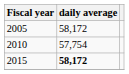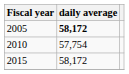 <table class="wikitable">
 <tr>
 <th>Fiscal year</th>
 <th>daily average</th>
 <th></th>
 </tr>
 <tr>
 <td>2005</td>
-<td>58,172</td>
+<td><strong>58,172</strong></td>
 <td></td>
 </tr>
 <tr>
 <td>2010</td>
 <td>57,754</td>
 <td></td>
 </tr>
 <tr>
 <td>2015</td>
-<td><strong>58,172</strong></td>
+<td>58,172</td>
 <td></td>
 </tr>
 <tr>
 </tr>
 </table>
